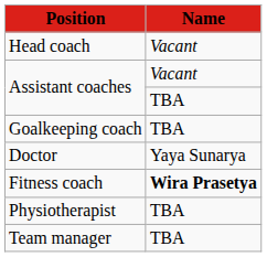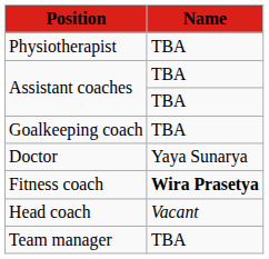 <table class="wikitable">
 <tr>
 <th style="background-color:#DB2019;"><span>Position</span></th>
 <th style="background-color:#DB2019;"><span>Name</span></th>
 </tr>
 <tr>
-<td>Head coach</td>
-<td><em>Vacant</em></td>
+<td>Physiotherapist</td>
+<td>TBA</td>
 </tr>
 <tr>
 <td rowspan="2">Assistant coaches</td>
-<td><em>Vacant</em></td>
+<td>TBA</td>
 </tr>
 <tr>
 <td>TBA</td>
 </tr>
 <tr>
 <td>Goalkeeping coach</td>
 <td>TBA</td>
 </tr>
 <tr>
 <td>Doctor</td>
 <td> Yaya Sunarya</td>
 </tr>
 <tr>
 <td>Fitness coach</td>
 <td><strong> Wira Prasetya</strong></td>
 </tr>
 <tr>
-<td>Physiotherapist</td>
-<td>TBA</td>
+<td>Head coach</td>
+<td><em>Vacant</em></td>
 </tr>
 <tr>
 <td>Team manager</td>
 <td>TBA</td>
 </tr>
 </table>
